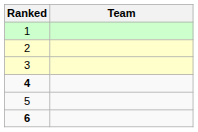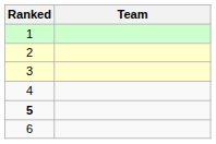 <table class="wikitable" style="text-align:center; font-size:90%">
 <tr>
 <th width=40>Ranked</th>
 <th width=180>Team</th>
 </tr>
 <tr bgcolor="ccffcc">
 <td style="text-align:center">1</td>
 <td style="text-align:left"></td>
 </tr>
 <tr bgcolor="ffffcc">
 <td style="text-align:center">2</td>
 <td style="text-align:left"></td>
 </tr>
 <tr bgcolor="ffffcc">
 <td style="text-align:center">3</td>
 <td style="text-align:left"></td>
 </tr>
 <tr>
-<td style="text-align:center"><strong>4</strong></td>
+<td style="text-align:center">4</td>
 <td style="text-align:left"></td>
 </tr>
 <tr>
-<td style="text-align:center">5</td>
+<td style="text-align:center"><strong>5</strong></td>
 <td style="text-align:left"></td>
 </tr>
 <tr>
-<td style="text-align:center"><strong>6</strong></td>
+<td style="text-align:center">6</td>
 <td style="text-align:left"></td>
 </tr>
 </table>
